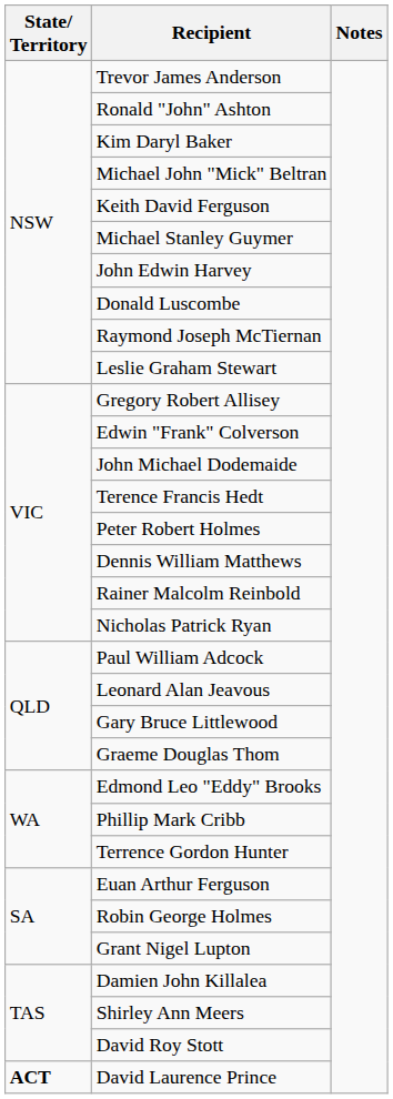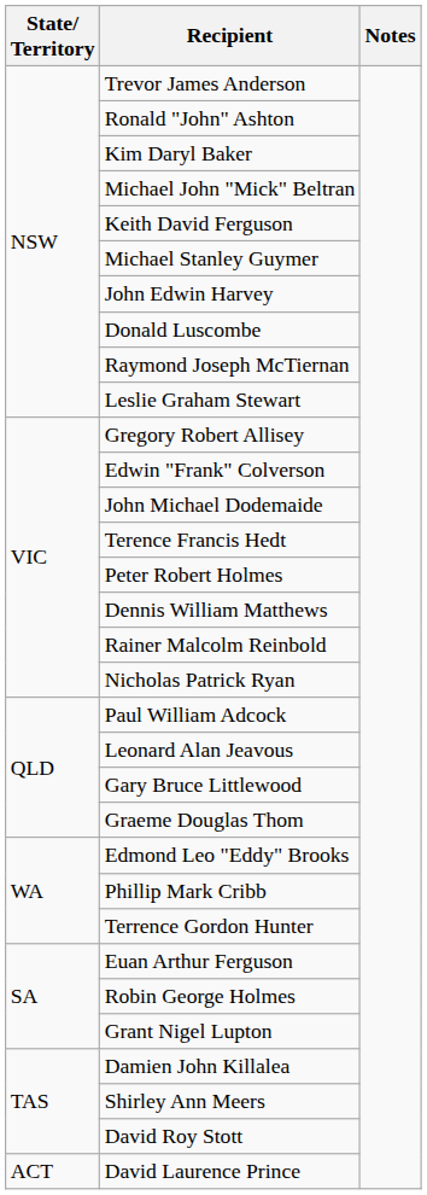 <table class="wikitable" style="font-size:95%;">
 <tr>
 <th>State/<br>Territory</th>
 <th>Recipient</th>
 <th>Notes</th>
 </tr>
 <tr>
 <td rowspan=10>NSW</td>
 <td>Trevor James Anderson </td>
 <td rowspan=32></td>
 </tr>
 <tr>
 <td>Ronald "John" Ashton </td>
 </tr>
 <tr>
 <td> Kim Daryl Baker</td>
 </tr>
 <tr>
 <td> Michael John "Mick" Beltran</td>
 </tr>
 <tr>
 <td>Keith David Ferguson</td>
 </tr>
 <tr>
 <td> Michael Stanley Guymer</td>
 </tr>
 <tr>
 <td>John Edwin Harvey</td>
 </tr>
 <tr>
 <td>Donald Luscombe</td>
 </tr>
 <tr>
 <td> Raymond Joseph McTiernan</td>
 </tr>
 <tr>
 <td>Leslie Graham Stewart</td>
 </tr>
 <tr>
 <td rowspan=8>VIC</td>
 <td> Gregory Robert Allisey</td>
 </tr>
 <tr>
 <td>Edwin "Frank" Colverson</td>
 </tr>
 <tr>
 <td>John Michael Dodemaide</td>
 </tr>
 <tr>
 <td>Terence Francis Hedt</td>
 </tr>
 <tr>
 <td> Peter Robert Holmes</td>
 </tr>
 <tr>
 <td>Dennis William Matthews</td>
 </tr>
 <tr>
 <td>Rainer Malcolm Reinbold</td>
 </tr>
 <tr>
 <td>Nicholas Patrick Ryan</td>
 </tr>
 <tr>
 <td rowspan=4>QLD</td>
 <td>Paul William Adcock</td>
 </tr>
 <tr>
 <td>Leonard Alan Jeavous</td>
 </tr>
 <tr>
 <td>Gary Bruce Littlewood</td>
 </tr>
 <tr>
 <td>Graeme Douglas Thom</td>
 </tr>
 <tr>
 <td rowspan=3>WA</td>
 <td>Edmond Leo "Eddy" Brooks</td>
 </tr>
 <tr>
 <td>Phillip Mark Cribb</td>
 </tr>
 <tr>
 <td>Terrence Gordon Hunter</td>
 </tr>
 <tr>
 <td rowspan=3>SA</td>
 <td>Euan Arthur Ferguson</td>
 </tr>
 <tr>
 <td>Robin George Holmes</td>
 </tr>
 <tr>
 <td>Grant Nigel Lupton</td>
 </tr>
 <tr>
 <td rowspan=3>TAS</td>
 <td>Damien John Killalea</td>
 </tr>
 <tr>
 <td>Shirley Ann Meers</td>
 </tr>
 <tr>
 <td>David Roy Stott</td>
 </tr>
 <tr>
-<td><strong>ACT</strong></td>
+<td>ACT</td>
 <td> David Laurence Prince</td>
 </tr>
 </table>
